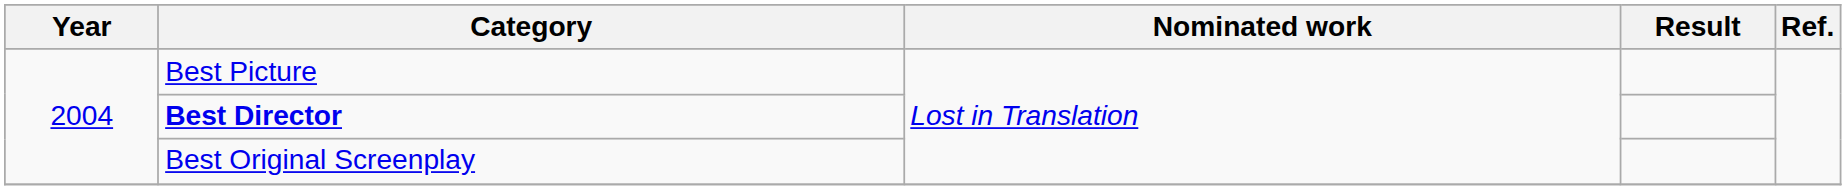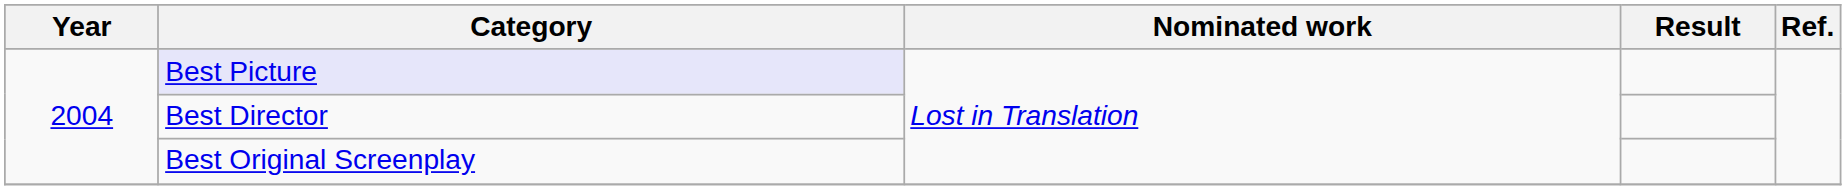 <table class=wikitable>
 <tr>
 <th scope="col" style="width:5em;">Year</th>
 <th scope="col" style="width:26em;">Category</th>
 <th scope="col" style="width:25em;">Nominated work</th>
 <th scope="col" style="width:5em;">Result</th>
 <th>Ref.</th>
 </tr>
 <tr>
 <td style="text-align:center;", rowspan=3><a href='#'>2004</a></td>
-<td><a href='#'>Best Picture</a></td>
+<td style="background: lavender;"><a href='#'>Best Picture</a></td>
 <td rowspan=3><em><a href='#'>Lost in Translation</a></em></td>
 <td></td>
 <td rowspan=3></td>
 </tr>
 <tr>
-<td><strong><a href='#'>Best Director</a></strong></td>
+<td><a href='#'>Best Director</a></td>
 <td></td>
 </tr>
 <tr>
 <td><a href='#'>Best Original Screenplay</a></td>
 <td></td>
 </tr>
 <tr>
 </tr>
 </table>
